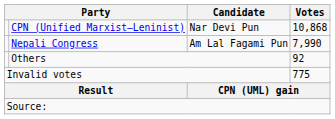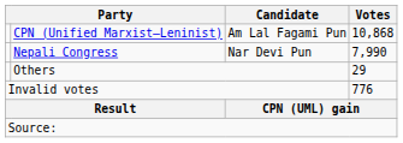 <table class="wikitable">
 <tr>
 <th colspan="2">Party</th>
 <th>Candidate</th>
 <th>Votes</th>
 </tr>
 <tr>
 <td style="background-color:"></td>
 <td><a href='#'>CPN (Unified Marxist–Leninist)</a></td>
-<td>Nar Devi Pun</td>
+<td>Am Lal Fagami Pun</td>
 <td>10,868</td>
 </tr>
 <tr>
 <td style="background-color:"></td>
 <td><a href='#'>Nepali Congress</a></td>
-<td>Am Lal Fagami Pun</td>
+<td>Nar Devi Pun</td>
 <td>7,990</td>
 </tr>
 <tr>
 <td></td>
 <td colspan="2">Others</td>
-<td>92</td>
+<td>29</td>
 </tr>
 <tr>
 <td colspan="3">Invalid votes</td>
-<td>775</td>
+<td>776</td>
 </tr>
 <tr>
 <th colspan="2">Result</th>
 <th colspan="2">CPN (UML) gain</th>
 </tr>
 <tr>
 <td colspan="4">Source: </td>
 </tr>
 </table>
